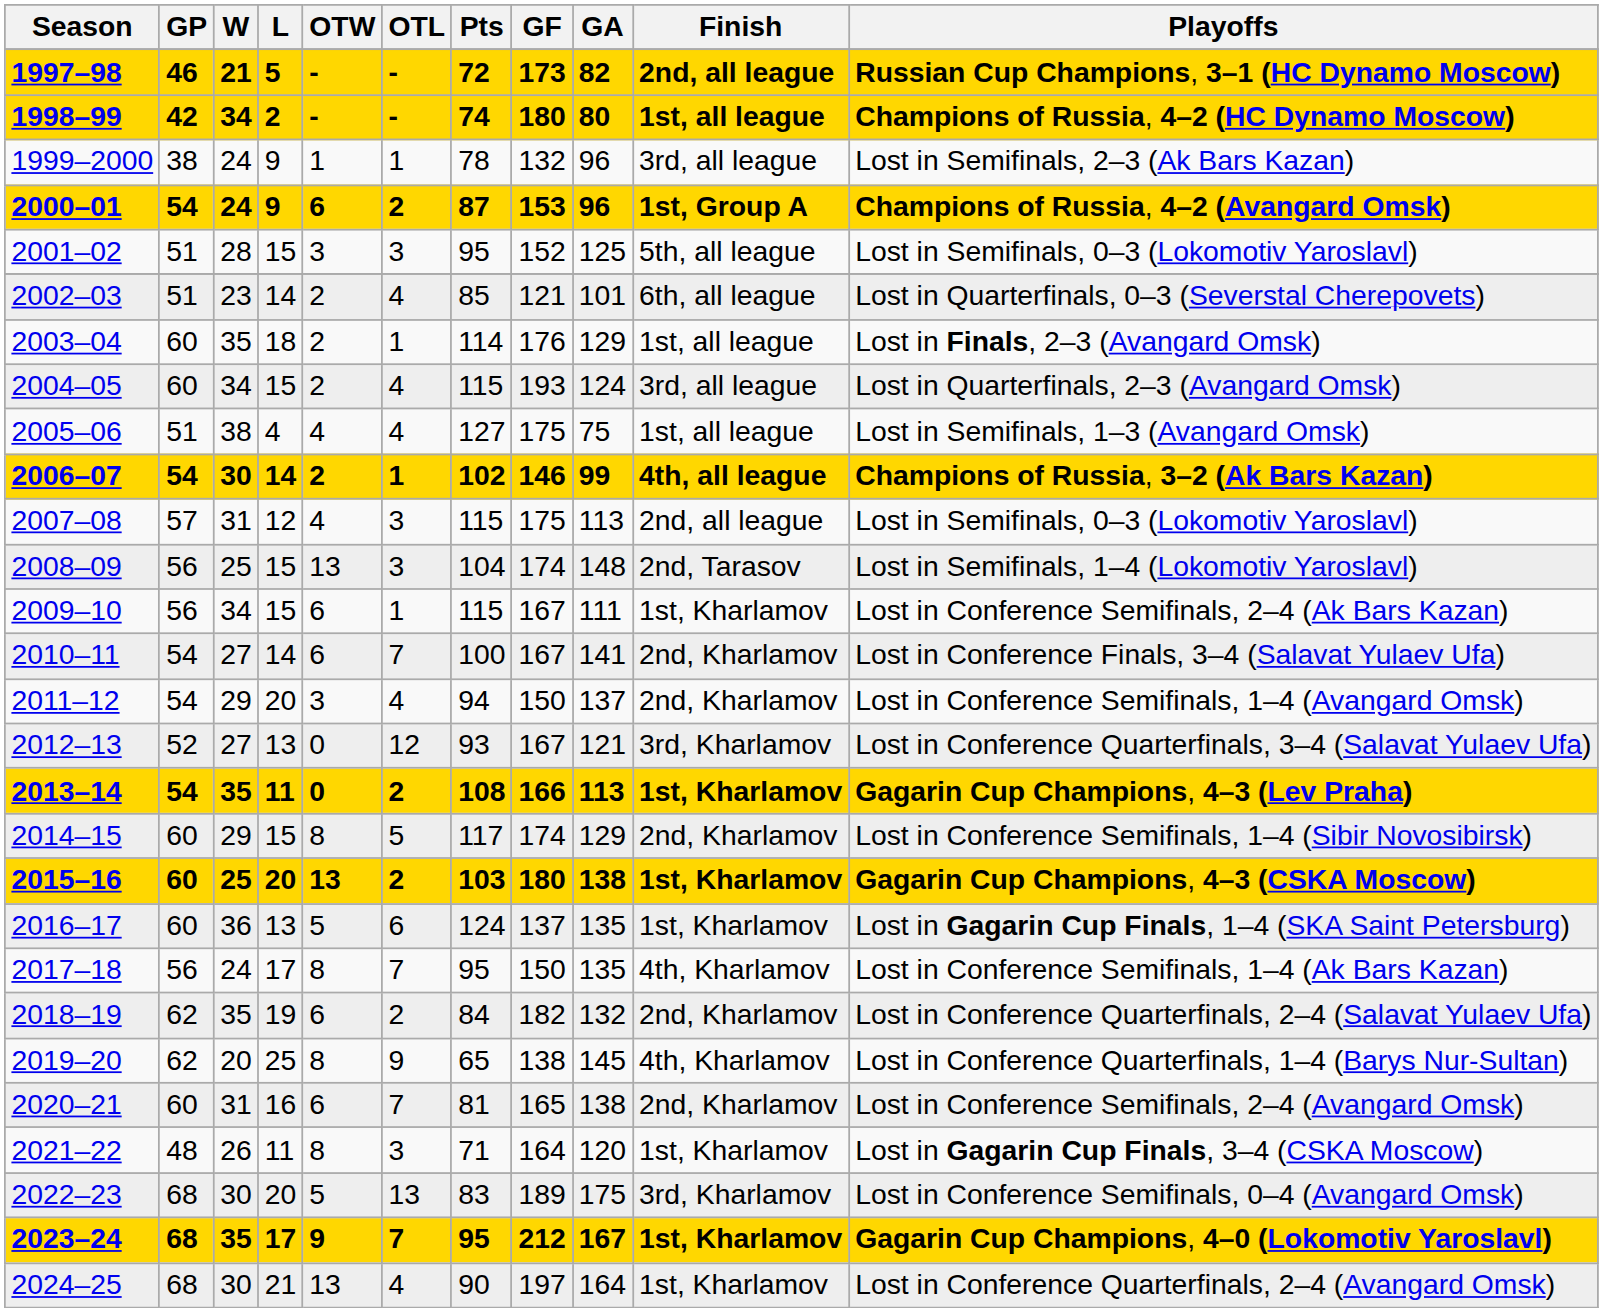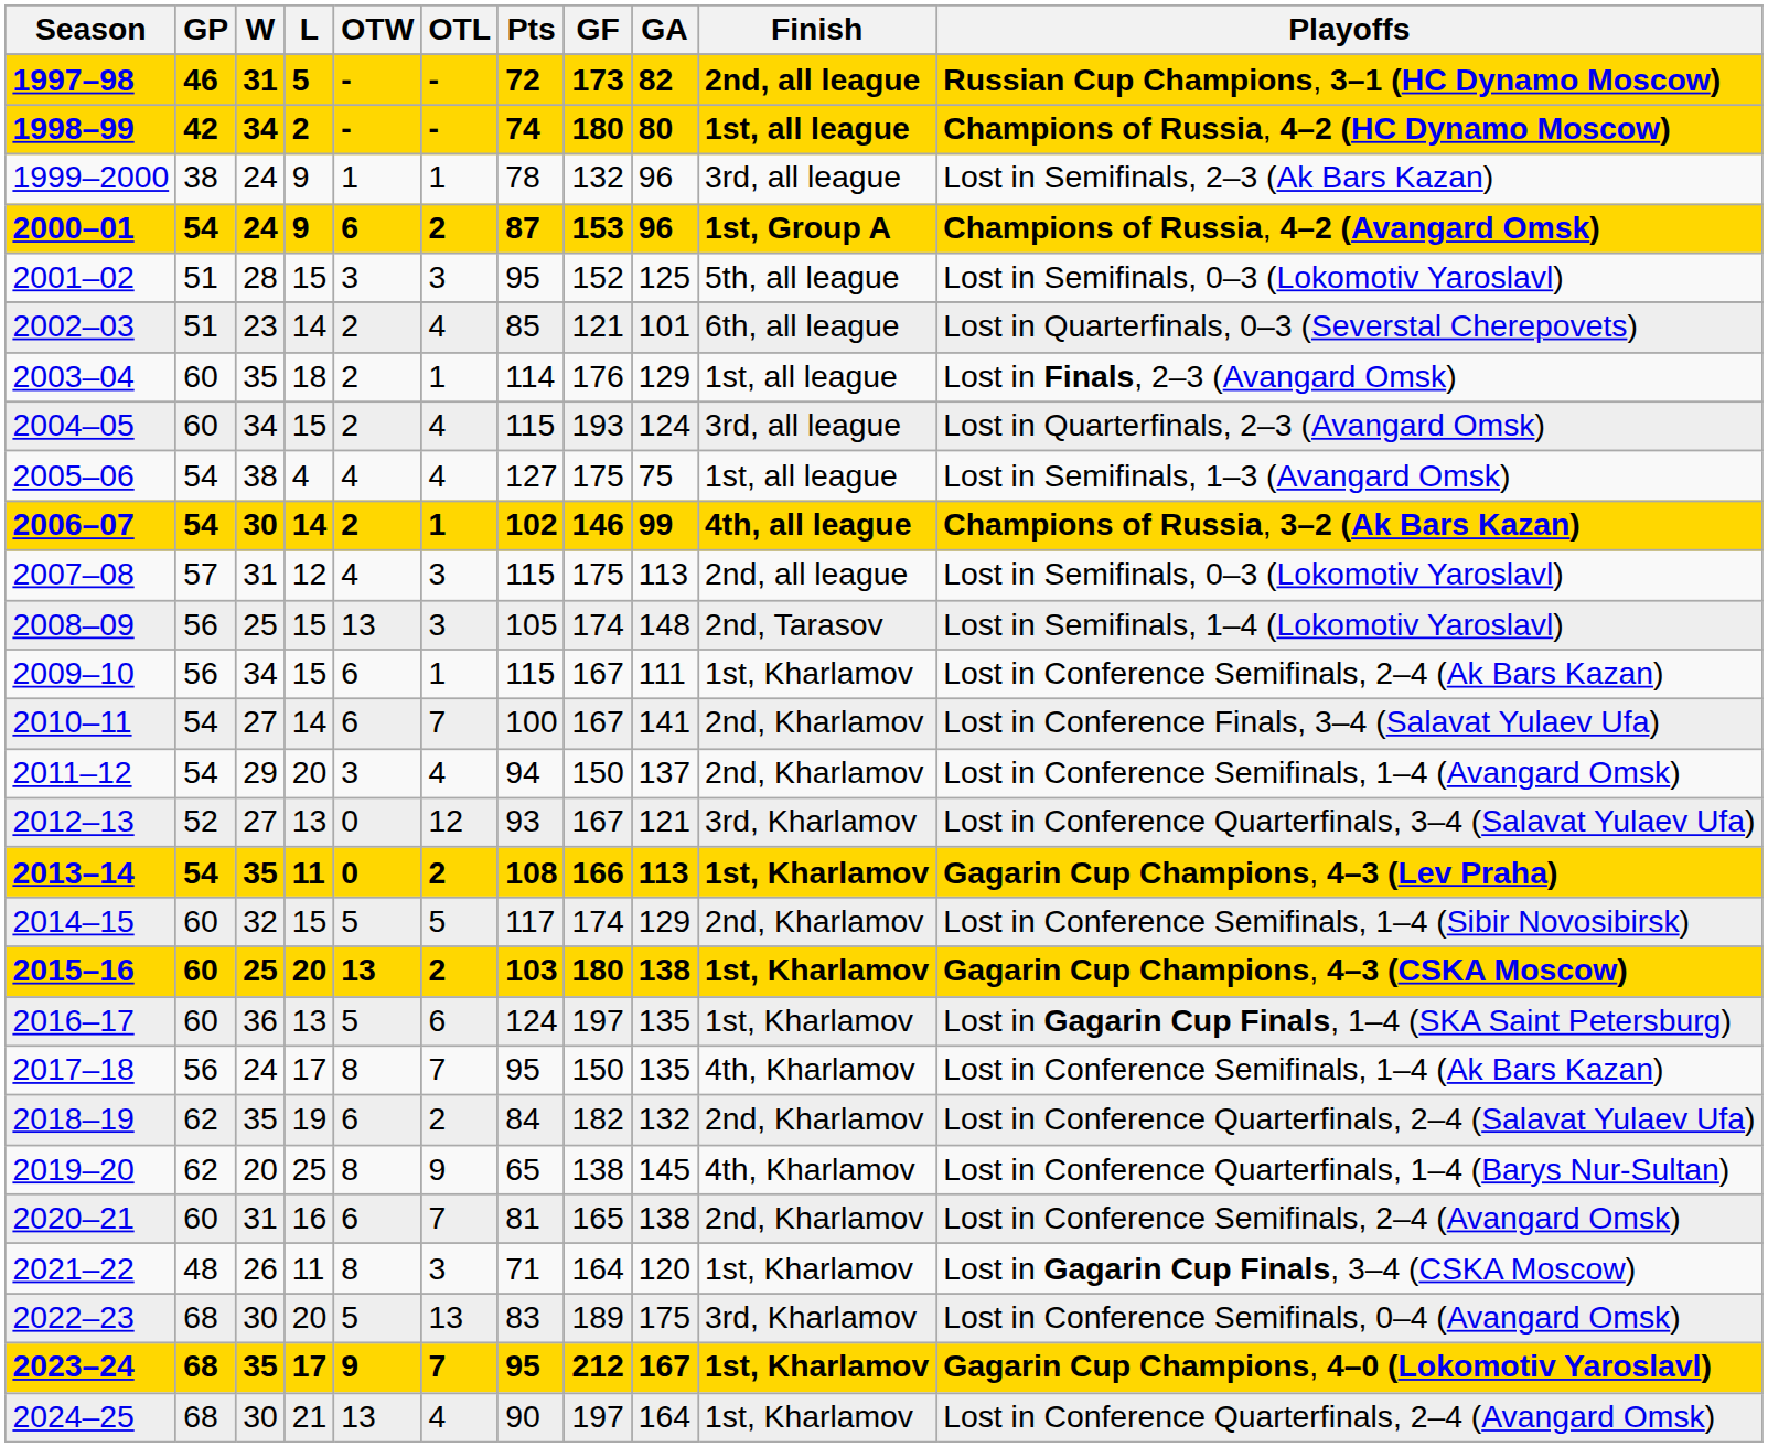 <table class="wikitable">
 <tr>
 <th>Season</th>
 <th>GP</th>
 <th>W</th>
 <th>L</th>
 <th>OTW</th>
 <th>OTL</th>
 <th>Pts</th>
 <th>GF</th>
 <th>GA</th>
 <th>Finish</th>
 <th>Playoffs</th>
 </tr>
 <tr>
 </tr>
 <tr style="background:gold;">
 <td><strong><a href='#'>1997–98</a></strong></td>
 <td><strong>46</strong></td>
-<td><strong>21</strong></td>
+<td><strong>31</strong></td>
 <td><strong>5</strong></td>
 <td><strong>-</strong></td>
 <td><strong>-</strong></td>
 <td><strong>72</strong></td>
 <td><strong>173</strong></td>
 <td><strong>82</strong></td>
 <td><strong>2nd, all league</strong></td>
 <td><strong>Russian Cup Champions</strong>, <strong>3–1</strong> <strong>(<a href='#'>HC Dynamo Moscow</a>)</strong></td>
 </tr>
 <tr style="background:gold;">
 <td><strong><a href='#'>1998–99</a></strong></td>
 <td><strong>42</strong></td>
 <td><strong>34</strong></td>
 <td><strong>2</strong></td>
 <td><strong>-</strong></td>
 <td><strong>-</strong></td>
 <td><strong>74</strong></td>
 <td><strong>180</strong></td>
 <td><strong>80</strong></td>
 <td><strong>1st, all league</strong></td>
 <td><strong>Champions of Russia</strong>, <strong>4–2</strong> <strong>(<a href='#'>HC Dynamo Moscow</a>)</strong></td>
 </tr>
 <tr>
 <td><a href='#'>1999–2000</a></td>
 <td>38</td>
 <td>24</td>
 <td>9</td>
 <td>1</td>
 <td>1</td>
 <td>78</td>
 <td>132</td>
 <td>96</td>
 <td>3rd, all league</td>
 <td>Lost in Semifinals, 2–3 (<a href='#'>Ak Bars Kazan</a>)</td>
 </tr>
 <tr style="background:gold;">
 <td><strong><a href='#'>2000–01</a></strong></td>
 <td><strong>54</strong></td>
 <td><strong>24</strong></td>
 <td><strong>9</strong></td>
 <td><strong>6</strong></td>
 <td><strong>2</strong></td>
 <td><strong>87</strong></td>
 <td><strong>153</strong></td>
 <td><strong>96</strong></td>
 <td><strong>1st, Group A</strong></td>
 <td><strong>Champions of Russia</strong>, <strong>4–2</strong> <strong>(<a href='#'>Avangard Omsk</a>)</strong></td>
 </tr>
 <tr>
 <td><a href='#'>2001–02</a></td>
 <td>51</td>
 <td>28</td>
 <td>15</td>
 <td>3</td>
 <td>3</td>
 <td>95</td>
 <td>152</td>
 <td>125</td>
 <td>5th, all league</td>
 <td>Lost in Semifinals, 0–3 (<a href='#'>Lokomotiv Yaroslavl</a>)</td>
 </tr>
 <tr style="background:#eee;">
 </tr>
 <tr style="background:#eee;">
 <td><a href='#'>2002–03</a></td>
 <td>51</td>
 <td>23</td>
 <td>14</td>
 <td>2</td>
 <td>4</td>
 <td>85</td>
 <td>121</td>
 <td>101</td>
 <td>6th, all league</td>
 <td>Lost in Quarterfinals, 0–3 (<a href='#'>Severstal Cherepovets</a>)</td>
 </tr>
 <tr>
 <td><a href='#'>2003–04</a></td>
 <td>60</td>
 <td>35</td>
 <td>18</td>
 <td>2</td>
 <td>1</td>
 <td>114</td>
 <td>176</td>
 <td>129</td>
 <td>1st, all league</td>
 <td>Lost in <strong>Finals</strong>, 2–3 (<a href='#'>Avangard Omsk</a>)</td>
 </tr>
 <tr style="background:#eee;">
 <td><a href='#'>2004–05</a></td>
 <td>60</td>
 <td>34</td>
 <td>15</td>
 <td>2</td>
 <td>4</td>
 <td>115</td>
 <td>193</td>
 <td>124</td>
 <td>3rd, all league</td>
 <td>Lost in Quarterfinals, 2–3 (<a href='#'>Avangard Omsk</a>)</td>
 </tr>
 <tr>
 <td><a href='#'>2005–06</a></td>
-<td>51</td>
+<td>54</td>
 <td>38</td>
 <td>4</td>
 <td>4</td>
 <td>4</td>
 <td>127</td>
 <td>175</td>
 <td>75</td>
 <td>1st, all league</td>
 <td>Lost in Semifinals, 1–3 (<a href='#'>Avangard Omsk</a>)</td>
 </tr>
 <tr style="background:gold;">
 <td><strong><a href='#'>2006–07</a></strong></td>
 <td><strong>54</strong></td>
 <td><strong>30</strong></td>
 <td><strong>14</strong></td>
 <td><strong>2</strong></td>
 <td><strong>1</strong></td>
 <td><strong>102</strong></td>
 <td><strong>146</strong></td>
 <td><strong>99</strong></td>
 <td><strong>4th, all league</strong></td>
 <td><strong>Champions of Russia</strong>, <strong>3–2</strong> <strong>(<a href='#'>Ak Bars Kazan</a>)</strong></td>
 </tr>
 <tr>
 <td><a href='#'>2007–08</a></td>
 <td>57</td>
 <td>31</td>
 <td>12</td>
 <td>4</td>
 <td>3</td>
 <td>115</td>
 <td>175</td>
 <td>113</td>
 <td>2nd, all league</td>
 <td>Lost in Semifinals, 0–3 (<a href='#'>Lokomotiv Yaroslavl</a>)</td>
 </tr>
 <tr style="background:#eee;">
 <td><a href='#'>2008–09</a></td>
 <td>56</td>
 <td>25</td>
 <td>15</td>
 <td>13</td>
 <td>3</td>
-<td>104</td>
+<td>105</td>
 <td>174</td>
 <td>148</td>
 <td>2nd, Tarasov</td>
 <td>Lost in Semifinals, 1–4 (<a href='#'>Lokomotiv Yaroslavl</a>)</td>
 </tr>
 <tr>
 <td><a href='#'>2009–10</a></td>
 <td>56</td>
 <td>34</td>
 <td>15</td>
 <td>6</td>
 <td>1</td>
 <td>115</td>
 <td>167</td>
 <td>111</td>
 <td>1st, Kharlamov</td>
 <td>Lost in Conference Semifinals, 2–4 (<a href='#'>Ak Bars Kazan</a>)</td>
 </tr>
 <tr style="background:#eee;">
 <td><a href='#'>2010–11</a></td>
 <td>54</td>
 <td>27</td>
 <td>14</td>
 <td>6</td>
 <td>7</td>
 <td>100</td>
 <td>167</td>
 <td>141</td>
 <td>2nd, Kharlamov</td>
 <td>Lost in Conference Finals, 3–4 (<a href='#'>Salavat Yulaev Ufa</a>)</td>
 </tr>
 <tr>
 <td><a href='#'>2011–12</a></td>
 <td>54</td>
 <td>29</td>
 <td>20</td>
 <td>3</td>
 <td>4</td>
 <td>94</td>
 <td>150</td>
 <td>137</td>
 <td>2nd, Kharlamov</td>
 <td>Lost in Conference Semifinals, 1–4 (<a href='#'>Avangard Omsk</a>)</td>
 </tr>
 <tr style="background:#eee;">
 <td><a href='#'>2012–13</a></td>
 <td>52</td>
 <td>27</td>
 <td>13</td>
 <td>0</td>
 <td>12</td>
 <td>93</td>
 <td>167</td>
 <td>121</td>
 <td>3rd, Kharlamov</td>
 <td>Lost in Conference Quarterfinals, 3–4 (<a href='#'>Salavat Yulaev Ufa</a>)</td>
 </tr>
 <tr style="background:gold;">
 <td><strong><a href='#'>2013–14</a></strong></td>
 <td><strong>54</strong></td>
 <td><strong>35</strong></td>
 <td><strong>11</strong></td>
 <td><strong>0</strong></td>
 <td><strong>2</strong></td>
 <td><strong>108</strong></td>
 <td><strong>166</strong></td>
 <td><strong>113</strong></td>
 <td><strong>1st, Kharlamov</strong></td>
 <td><strong>Gagarin Cup Champions</strong>, <strong>4–3</strong> <strong>(<a href='#'>Lev Praha</a>)</strong></td>
 </tr>
 <tr style="background:#eee;">
 <td><a href='#'>2014–15</a></td>
 <td>60</td>
-<td>29</td>
+<td>32</td>
 <td>15</td>
-<td>8</td>
+<td>5</td>
 <td>5</td>
 <td>117</td>
 <td>174</td>
 <td>129</td>
 <td>2nd, Kharlamov</td>
 <td>Lost in Conference Semifinals, 1–4 (<a href='#'>Sibir Novosibirsk</a>)</td>
 </tr>
 <tr style="background:gold;">
 <td><strong><a href='#'>2015–16</a></strong></td>
 <td><strong>60</strong></td>
 <td><strong>25</strong></td>
 <td><strong>20</strong></td>
 <td><strong>13</strong></td>
 <td><strong>2</strong></td>
 <td><strong>103</strong></td>
 <td><strong>180</strong></td>
 <td><strong>138</strong></td>
 <td><strong>1st, Kharlamov</strong></td>
 <td><strong>Gagarin Cup Champions</strong>, <strong>4–3</strong> <strong>(<a href='#'>CSKA Moscow</a>)</strong></td>
 </tr>
 <tr style="background:#eee;">
 <td><a href='#'>2016–17</a></td>
 <td>60</td>
 <td>36</td>
 <td>13</td>
 <td>5</td>
 <td>6</td>
 <td>124</td>
-<td>137</td>
+<td>197</td>
 <td>135</td>
 <td>1st, Kharlamov</td>
 <td>Lost in <strong>Gagarin Cup Finals</strong>, 1–4 (<a href='#'>SKA Saint Petersburg</a>)</td>
 </tr>
 <tr>
 <td><a href='#'>2017–18</a></td>
 <td>56</td>
 <td>24</td>
 <td>17</td>
 <td>8</td>
 <td>7</td>
 <td>95</td>
 <td>150</td>
 <td>135</td>
 <td>4th, Kharlamov</td>
 <td>Lost in Conference Semifinals, 1–4 (<a href='#'>Ak Bars Kazan</a>)</td>
 </tr>
 <tr style="background:#eee;">
 <td><a href='#'>2018–19</a></td>
 <td>62</td>
 <td>35</td>
 <td>19</td>
 <td>6</td>
 <td>2</td>
 <td>84</td>
 <td>182</td>
 <td>132</td>
 <td>2nd, Kharlamov</td>
 <td>Lost in Conference Quarterfinals, 2–4 (<a href='#'>Salavat Yulaev Ufa</a>)</td>
 </tr>
 <tr>
 <td><a href='#'>2019–20</a></td>
 <td>62</td>
 <td>20</td>
 <td>25</td>
 <td>8</td>
 <td>9</td>
 <td>65</td>
 <td>138</td>
 <td>145</td>
 <td>4th, Kharlamov</td>
 <td>Lost in Conference Quarterfinals, 1–4 (<a href='#'>Barys Nur-Sultan</a>)</td>
 </tr>
 <tr style="background:#eee;">
 <td><a href='#'>2020–21</a></td>
 <td>60</td>
 <td>31</td>
 <td>16</td>
 <td>6</td>
 <td>7</td>
 <td>81</td>
 <td>165</td>
 <td>138</td>
 <td>2nd, Kharlamov</td>
 <td>Lost in Conference Semifinals, 2–4 (<a href='#'>Avangard Omsk</a>)</td>
 </tr>
 <tr>
 <td><a href='#'>2021–22</a></td>
 <td>48</td>
 <td>26</td>
 <td>11</td>
 <td>8</td>
 <td>3</td>
 <td>71</td>
 <td>164</td>
 <td>120</td>
 <td>1st, Kharlamov</td>
 <td>Lost in <strong>Gagarin Cup Finals</strong>, 3–4 (<a href='#'>CSKA Moscow</a>)</td>
 </tr>
 <tr style="background:#eee;">
 <td><a href='#'>2022–23</a></td>
 <td>68</td>
 <td>30</td>
 <td>20</td>
 <td>5</td>
 <td>13</td>
 <td>83</td>
 <td>189</td>
 <td>175</td>
 <td>3rd, Kharlamov</td>
 <td>Lost in Conference Semifinals, 0–4 (<a href='#'>Avangard Omsk</a>)</td>
 </tr>
 <tr style="background:gold;">
 <td><strong><a href='#'>2023–24</a></strong></td>
 <td><strong>68</strong></td>
 <td><strong>35</strong></td>
 <td><strong>17</strong></td>
 <td><strong>9</strong></td>
 <td><strong>7</strong></td>
 <td><strong>95</strong></td>
 <td><strong>212</strong></td>
 <td><strong>167</strong></td>
 <td><strong>1st, Kharlamov</strong></td>
 <td><strong>Gagarin Cup Champions</strong>, <strong>4–0</strong> <strong>(<a href='#'>Lokomotiv Yaroslavl</a>)</strong></td>
 </tr>
 <tr style="background:#eee;">
 <td><a href='#'>2024–25</a></td>
 <td>68</td>
 <td>30</td>
 <td>21</td>
 <td>13</td>
 <td>4</td>
 <td>90</td>
 <td>197</td>
 <td>164</td>
 <td>1st, Kharlamov</td>
 <td>Lost in Conference Quarterfinals, 2–4 (<a href='#'>Avangard Omsk</a>)</td>
 </tr>
 </table>
